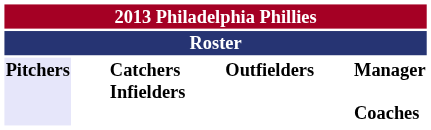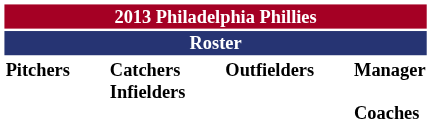 <table class="toccolours" style="font-size: 95%;">
 <tr>
 <th colspan="10" style="background-color: #A50024; color: #FFFFFF; text-align: center;">2013 Philadelphia Phillies</th>
 </tr>
 <tr>
 <td colspan="7" style="background-color: #263473; color: white; text-align: center;"><strong>Roster</strong></td>
 </tr>
 <tr>
-<td valign="top" style="background: lavender;"><strong>Pitchers</strong><br>                         </td>
+<td valign="top"><strong>Pitchers</strong><br>                         </td>
 <td width="25px"></td>
 <td valign="top"><strong>Catchers</strong><br>     <strong>Infielders</strong>         </td>
 <td width="25px"></td>
 <td valign="top"><strong>Outfielders</strong><br>           </td>
 <td width="25px"></td>
 <td valign="top"><strong>Manager</strong><br> <br><strong>Coaches</strong>                 </td>
 </tr>
 <tr>
 </tr>
 </table>
